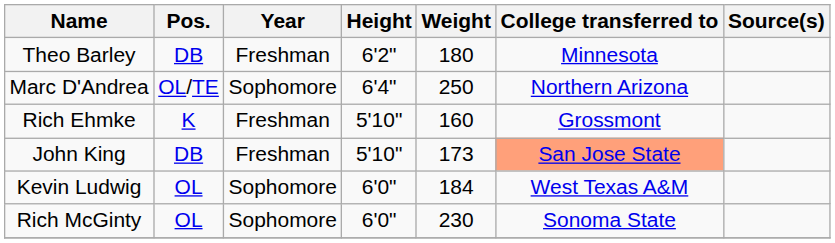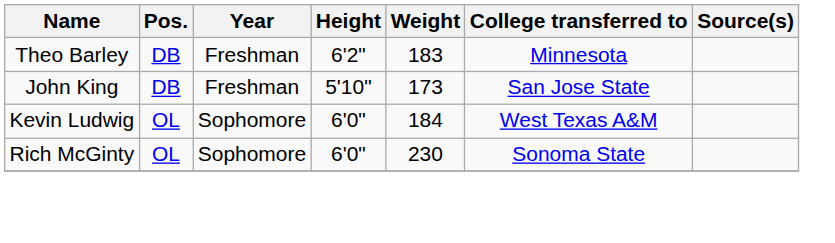 <table class="wikitable sortable" border="1" style="text-align: center;">
 <tr align=center>
 <th>Name</th>
 <th>Pos.</th>
 <th>Year</th>
 <th>Height</th>
 <th>Weight</th>
 <th>College transferred to</th>
 <th>Source(s)</th>
 </tr>
 <tr>
 <td>Theo Barley</td>
 <td><a href='#'>DB</a></td>
 <td>Freshman</td>
 <td>6'2"</td>
-<td>180</td>
+<td>183</td>
 <td><a href='#'>Minnesota</a></td>
-<td></td>
-</tr>
-<tr>
-<td>Marc D'Andrea</td>
-<td><a href='#'>OL</a>/<a href='#'>TE</a></td>
-<td>Sophomore</td>
-<td>6'4"</td>
-<td>250</td>
-<td><a href='#'>Northern Arizona</a></td>
-<td></td>
-</tr>
-<tr>
-<td>Rich Ehmke</td>
-<td><a href='#'>K</a></td>
-<td>Freshman</td>
-<td>5'10"</td>
-<td>160</td>
-<td><a href='#'>Grossmont</a></td>
 <td></td>
 </tr>
 <tr>
 <td>John King</td>
 <td><a href='#'>DB</a></td>
 <td>Freshman</td>
 <td>5'10"</td>
 <td>173</td>
-<td style="background: lightsalmon;"><a href='#'>San Jose State</a></td>
+<td><a href='#'>San Jose State</a></td>
 <td></td>
 </tr>
 <tr>
 <td>Kevin Ludwig</td>
 <td><a href='#'>OL</a></td>
 <td>Sophomore</td>
 <td>6'0"</td>
 <td>184</td>
 <td><a href='#'>West Texas A&M</a></td>
 <td></td>
 </tr>
 <tr>
 <td>Rich McGinty</td>
 <td><a href='#'>OL</a></td>
 <td>Sophomore</td>
 <td>6'0"</td>
 <td>230</td>
 <td><a href='#'>Sonoma State</a></td>
 <td></td>
 </tr>
 <tr>
 </tr>
 </table>
